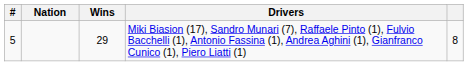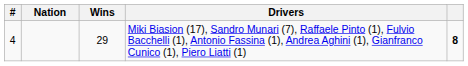 <table class="wikitable" width=80% style="font-size:100%; text-align:left;">
 <tr>
 <th>#</th>
 <th>Nation</th>
 <th>Wins</th>
 <th width=70%>Drivers</th>
 <th></th>
 </tr>
 <tr>
-<td align=center>5</td>
+<td align=center>4</td>
 <td></td>
 <td align=center>29</td>
 <td><a href='#'>Miki Biasion</a> (17), <a href='#'>Sandro Munari</a> (7), <a href='#'>Raffaele Pinto</a> (1),  <a href='#'>Fulvio Bacchelli</a> (1), <a href='#'>Antonio Fassina</a> (1), <a href='#'>Andrea Aghini</a> (1), <a href='#'>Gianfranco Cunico</a> (1), <a href='#'>Piero Liatti</a> (1)</td>
-<td align=center>8</td>
+<td align=center><strong>8</strong></td>
 </tr>
 </table>
